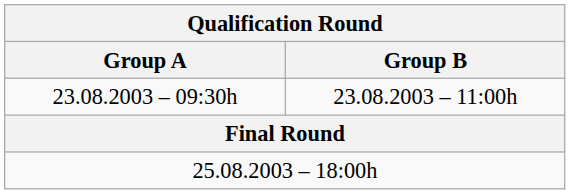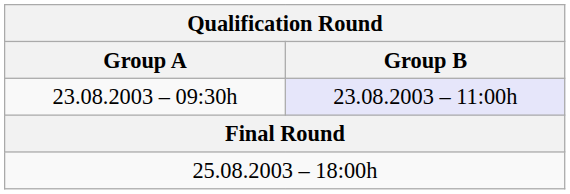 <table class="wikitable" style=" text-align:center; font-size:110%;" width="35%">
 <tr>
 <th colspan="2">Qualification Round</th>
 </tr>
 <tr>
 <th>Group A</th>
 <th>Group B</th>
 </tr>
 <tr>
 <td>23.08.2003 – 09:30h</td>
-<td>23.08.2003 – 11:00h</td>
+<td style="background: lavender;">23.08.2003 – 11:00h</td>
 </tr>
 <tr>
 <th colspan="2">Final Round</th>
 </tr>
 <tr>
 <td colspan="2">25.08.2003 – 18:00h</td>
 </tr>
 </table>
